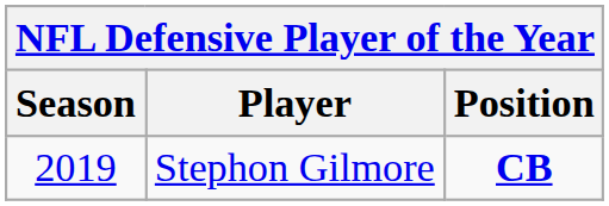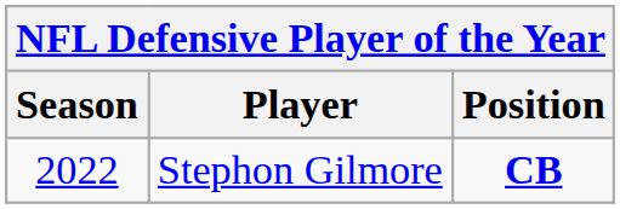 <table class="wikitable sortable" style="text-align:center">
 <tr>
 <th colspan="3"><a href='#'><span><u>NFL Defensive Player of the Year</u></span></a></th>
 </tr>
 <tr>
 <th>Season</th>
 <th>Player</th>
 <th>Position</th>
 </tr>
 <tr>
-<td><a href='#'>2019</a></td>
+<td><a href='#'>2022</a></td>
 <td><a href='#'>Stephon Gilmore</a></td>
 <td><strong><a href='#'>CB</a></strong></td>
 </tr>
 </table>
